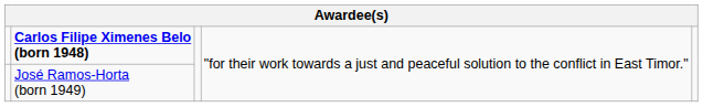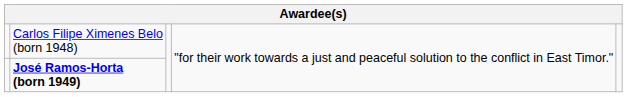 <table class="wikitable">
 <tr>
 <th colspan="5">Awardee(s)</th>
 </tr>
 <tr>
 <td></td>
-<td><strong><a href='#'>Carlos Filipe Ximenes Belo</a><br>(born 1948)</strong></td>
+<td><a href='#'>Carlos Filipe Ximenes Belo</a><br>(born 1948)</td>
 <td rowspan="2"></td>
 <td rowspan="2">"for their work towards a just and peaceful solution to the conflict in East Timor."</td>
 <td rowspan="2"></td>
 </tr>
 <tr>
 <td></td>
-<td><a href='#'>José Ramos-Horta</a><br>(born 1949)</td>
+<td><strong><a href='#'>José Ramos-Horta</a><br>(born 1949)</strong></td>
 </tr>
 </table>
